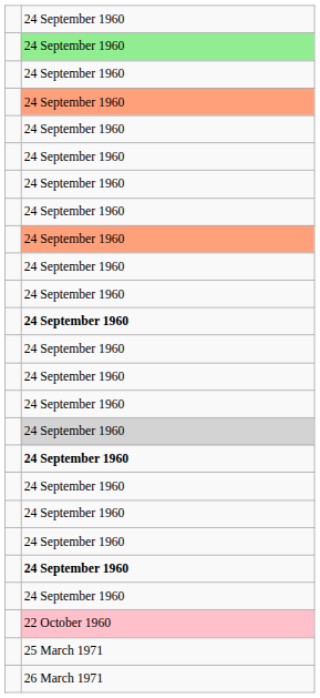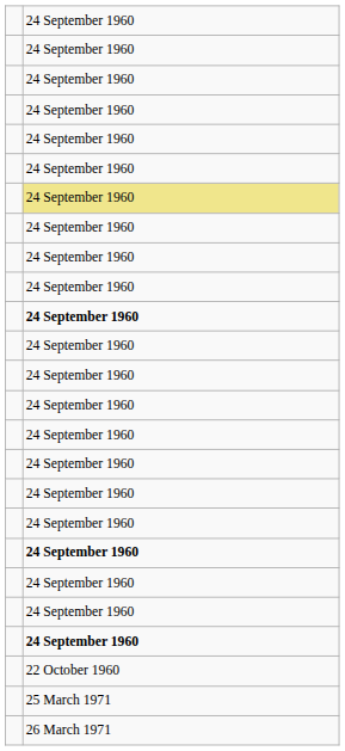 <table class="wikitable" style="font-size: 89%; float: left; width: 24em; margin-right: 1em; line-height: 1.65em">
 <tr>
 <td></td>
 <td>24 September 1960</td>
-</tr>
-<tr>
-<td></td>
-<td style="background: lightgreen;">24 September 1960</td>
-</tr>
-<tr>
-<td></td>
-<td>24 September 1960</td>
-</tr>
-<tr>
-<td></td>
-<td style="background: lightsalmon;">24 September 1960</td>
 </tr>
 <tr>
 <td></td>
 <td>24 September 1960</td>
 </tr>
 <tr>
 <td></td>
 <td>24 September 1960</td>
 </tr>
 <tr>
 <td></td>
 <td>24 September 1960</td>
 </tr>
 <tr>
 <td></td>
 <td>24 September 1960</td>
 </tr>
 <tr>
 <td></td>
-<td style="background: lightsalmon;">24 September 1960</td>
+<td>24 September 1960</td>
+</tr>
+<tr>
+<td></td>
+<td style="background: khaki;">24 September 1960</td>
+</tr>
+<tr>
+<td></td>
+<td>24 September 1960</td>
 </tr>
 <tr>
 <td></td>
 <td>24 September 1960</td>
 </tr>
 <tr>
 <td></td>
 <td>24 September 1960</td>
 </tr>
 <tr>
 <td></td>
 <td><strong>24 September 1960</strong></td>
 </tr>
 <tr>
 <td></td>
 <td>24 September 1960</td>
 </tr>
 <tr>
 <td></td>
 <td>24 September 1960</td>
 </tr>
 <tr>
 <td></td>
 <td>24 September 1960</td>
 </tr>
 <tr>
 <td></td>
-<td style="background: lightgrey;">24 September 1960</td>
-</tr>
-<tr>
-<td></td>
-<td><strong>24 September 1960</strong></td>
+<td>24 September 1960</td>
 </tr>
 <tr>
 <td></td>
 <td>24 September 1960</td>
 </tr>
 <tr>
 <td></td>
 <td>24 September 1960</td>
 </tr>
 <tr>
 <td></td>
 <td>24 September 1960</td>
 </tr>
 <tr>
 <td></td>
 <td><strong>24 September 1960</strong></td>
 </tr>
 <tr>
 <td></td>
 <td>24 September 1960</td>
 </tr>
 <tr>
 <td></td>
-<td style="background: pink;">22 October 1960</td>
+<td>24 September 1960</td>
+</tr>
+<tr>
+<td></td>
+<td><strong>24 September 1960</strong></td>
+</tr>
+<tr>
+<td></td>
+<td>22 October 1960</td>
 </tr>
 <tr>
 <td></td>
 <td>25 March 1971</td>
 </tr>
 <tr>
 <td></td>
 <td>26 March 1971</td>
 </tr>
 </table>
